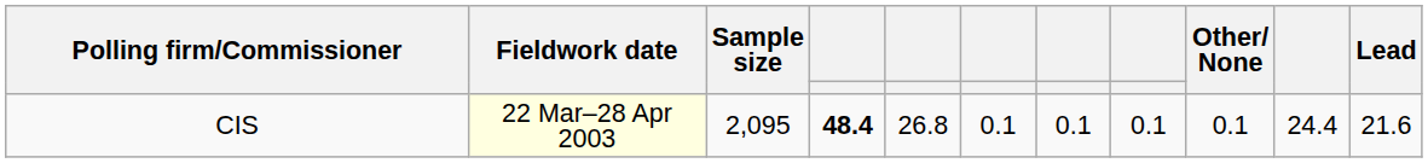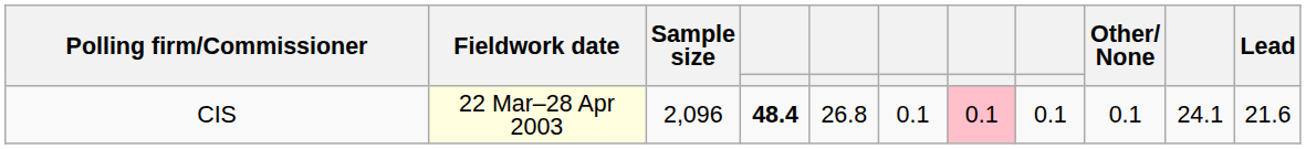 <table class="wikitable collapsible collapsed" style="text-align:center; font-size:90%; line-height:14px;">
 <tr style="height:42px;">
 <th style="width:250px;" rowspan="2">Polling firm/Commissioner</th>
 <th style="width:125px;" rowspan="2">Fieldwork date</th>
 <th style="width:50px;" rowspan="2">Sample size</th>
 <th style="width:35px;"></th>
 <th style="width:35px;"></th>
 <th style="width:35px;"></th>
 <th style="width:35px;"></th>
 <th style="width:35px;"></th>
 <th style="width:35px;" rowspan="2">Other/<br>None</th>
 <th style="width:35px;" rowspan="2"></th>
 <th style="width:30px;" rowspan="2">Lead</th>
 </tr>
 <tr>
 <th style="color:inherit;background:"></th>
 <th style="color:inherit;background:"></th>
 <th style="color:inherit;background:"></th>
 <th style="color:inherit;background:"></th>
 <th style="color:inherit;background:"></th>
 </tr>
 <tr>
 <td>CIS</td>
 <td style="background: lightyellow;">22 Mar–28 Apr 2003</td>
-<td>2,095</td>
+<td>2,096</td>
 <td><strong>48.4</strong></td>
 <td>26.8</td>
 <td>0.1</td>
+<td style="background: pink;">0.1</td>
 <td>0.1</td>
 <td>0.1</td>
-<td>0.1</td>
-<td>24.4</td>
+<td>24.1</td>
 <td style="background:">21.6</td>
 </tr>
 </table>
